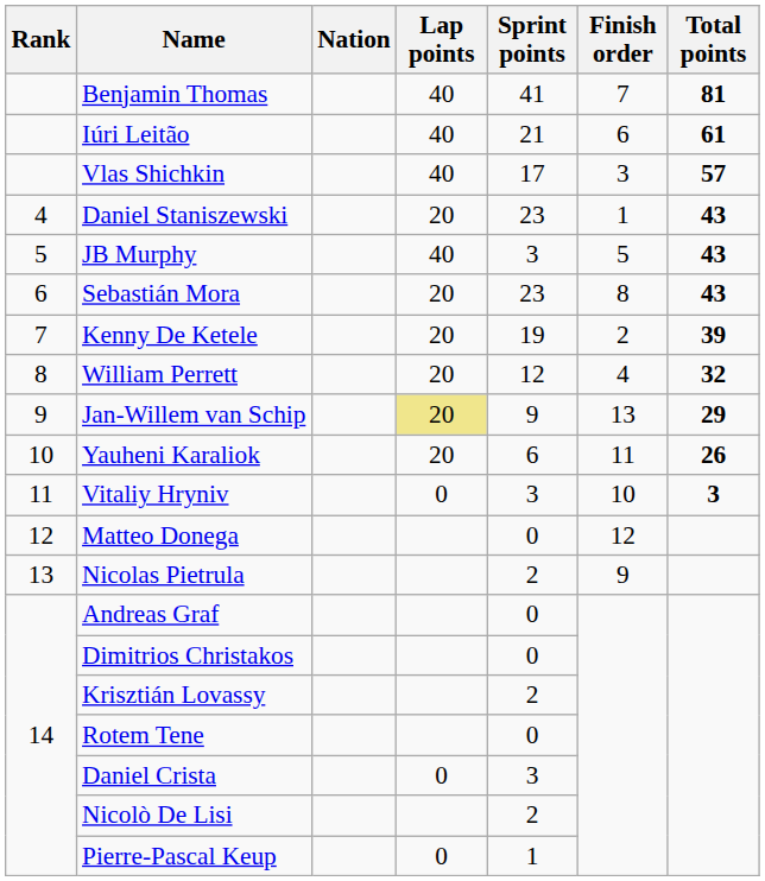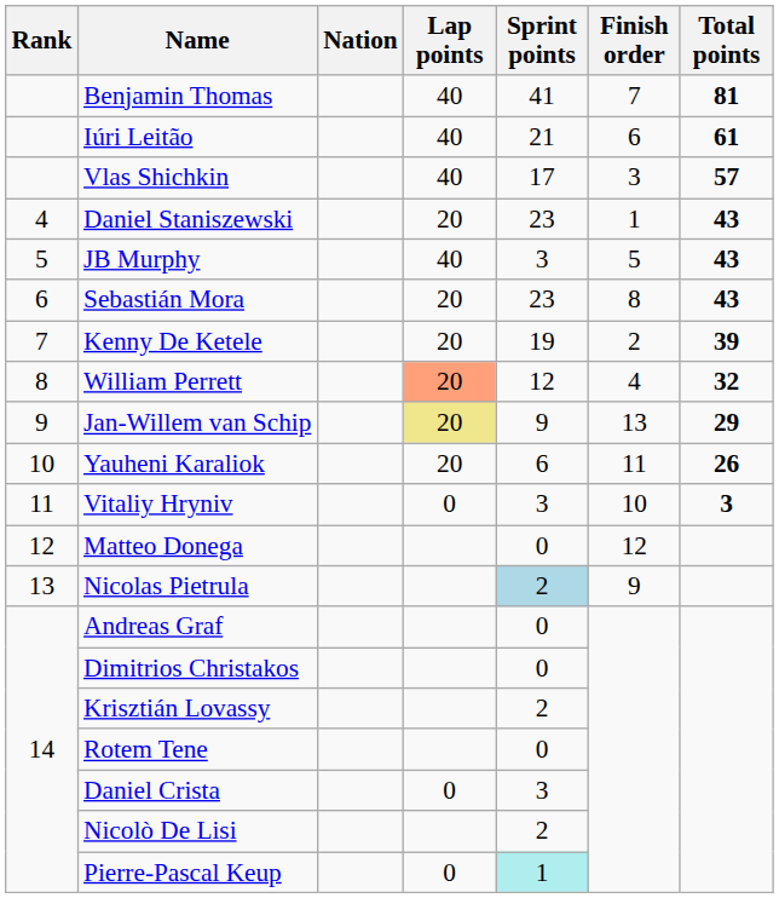 <table class="wikitable sortable" style="text-align:center">
 <tr>
 <th>Rank</th>
 <th>Name</th>
 <th>Nation</th>
 <th width=50>Lap points</th>
 <th width=50>Sprint points</th>
 <th width=50>Finish order</th>
 <th width=50>Total points</th>
 </tr>
 <tr>
 <td></td>
 <td align=left><a href='#'>Benjamin Thomas</a></td>
 <td align=left></td>
 <td>40</td>
 <td>41</td>
 <td>7</td>
 <td><strong>81</strong></td>
 </tr>
 <tr>
 <td></td>
 <td align=left><a href='#'>Iúri Leitão</a></td>
 <td align=left></td>
 <td>40</td>
 <td>21</td>
 <td>6</td>
 <td><strong>61</strong></td>
 </tr>
 <tr>
 <td></td>
 <td align=left><a href='#'>Vlas Shichkin</a></td>
 <td align=left></td>
 <td>40</td>
 <td>17</td>
 <td>3</td>
 <td><strong>57</strong></td>
 </tr>
 <tr>
 <td>4</td>
 <td align=left><a href='#'>Daniel Staniszewski</a></td>
 <td align=left></td>
 <td>20</td>
 <td>23</td>
 <td>1</td>
 <td><strong>43</strong></td>
 </tr>
 <tr>
 <td>5</td>
 <td align=left><a href='#'>JB Murphy</a></td>
 <td align=left></td>
 <td>40</td>
 <td>3</td>
 <td>5</td>
 <td><strong>43</strong></td>
 </tr>
 <tr>
 <td>6</td>
 <td align=left><a href='#'>Sebastián Mora</a></td>
 <td align=left></td>
 <td>20</td>
 <td>23</td>
 <td>8</td>
 <td><strong>43</strong></td>
 </tr>
 <tr>
 <td>7</td>
 <td align=left><a href='#'>Kenny De Ketele</a></td>
 <td align=left></td>
 <td>20</td>
 <td>19</td>
 <td>2</td>
 <td><strong>39</strong></td>
 </tr>
 <tr>
 <td>8</td>
 <td align=left><a href='#'>William Perrett</a></td>
 <td align=left></td>
-<td>20</td>
+<td style="background: lightsalmon;">20</td>
 <td>12</td>
 <td>4</td>
 <td><strong>32</strong></td>
 </tr>
 <tr>
 <td>9</td>
 <td align=left><a href='#'>Jan-Willem van Schip</a></td>
 <td align=left></td>
 <td style="background: khaki;">20</td>
 <td>9</td>
 <td>13</td>
 <td><strong>29</strong></td>
 </tr>
 <tr>
 <td>10</td>
 <td align=left><a href='#'>Yauheni Karaliok</a></td>
 <td align=left></td>
 <td>20</td>
 <td>6</td>
 <td>11</td>
 <td><strong>26</strong></td>
 </tr>
 <tr>
 <td>11</td>
 <td align=left><a href='#'>Vitaliy Hryniv</a></td>
 <td align=left></td>
 <td>0</td>
 <td>3</td>
 <td>10</td>
 <td><strong>3</strong></td>
 </tr>
 <tr>
 <td>12</td>
 <td align=left><a href='#'>Matteo Donega</a></td>
 <td align=left></td>
 <td></td>
 <td>0</td>
 <td>12</td>
 <td><strong></strong></td>
 </tr>
 <tr>
 <td>13</td>
 <td align=left><a href='#'>Nicolas Pietrula</a></td>
 <td align=left></td>
 <td></td>
-<td>2</td>
+<td style="background: lightblue;">2</td>
 <td>9</td>
 <td><strong></strong></td>
 </tr>
 <tr>
 <td rowspan=7>14</td>
 <td align=left><a href='#'>Andreas Graf</a></td>
 <td align=left></td>
 <td></td>
 <td>0</td>
 <td rowspan=7></td>
 <td rowspan=7></td>
 </tr>
 <tr>
 <td align=left><a href='#'>Dimitrios Christakos</a></td>
 <td align=left></td>
 <td></td>
 <td>0</td>
 </tr>
 <tr>
 <td align=left><a href='#'>Krisztián Lovassy</a></td>
 <td align=left></td>
 <td></td>
 <td>2</td>
 </tr>
 <tr>
 <td align=left><a href='#'>Rotem Tene</a></td>
 <td align=left></td>
 <td></td>
 <td>0</td>
 </tr>
 <tr>
 <td align=left><a href='#'>Daniel Crista</a></td>
 <td align=left></td>
 <td>0</td>
 <td>3</td>
 </tr>
 <tr>
 <td align=left><a href='#'>Nicolò De Lisi</a></td>
 <td align=left></td>
 <td></td>
 <td>2</td>
 </tr>
 <tr>
 <td align=left><a href='#'>Pierre-Pascal Keup</a></td>
 <td align=left></td>
 <td>0</td>
-<td>1</td>
+<td style="background: paleturquoise;">1</td>
 </tr>
 </table>
